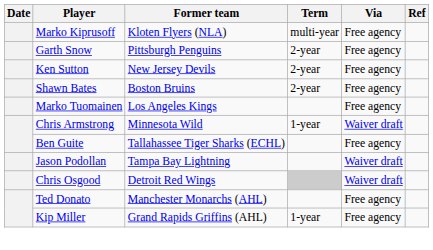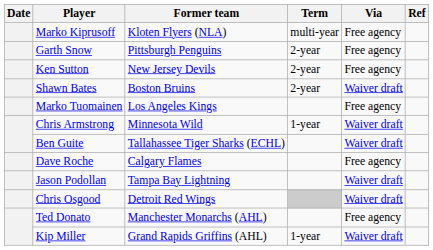 <table class="wikitable plainrowheaders">
 <tr style="background:#ddd; text-align:center;">
 <th>Date</th>
 <th>Player</th>
 <th>Former team</th>
 <th>Term</th>
 <th>Via</th>
 <th>Ref</th>
 </tr>
 <tr>
 <th scope="row"></th>
 <td><a href='#'>Marko Kiprusoff</a></td>
 <td><a href='#'>Kloten Flyers</a> (<a href='#'>NLA</a>)</td>
 <td>multi-year</td>
 <td>Free agency</td>
 <td></td>
 </tr>
 <tr>
 <th scope="row"></th>
 <td><a href='#'>Garth Snow</a></td>
 <td><a href='#'>Pittsburgh Penguins</a></td>
 <td>2-year</td>
 <td>Free agency</td>
 <td></td>
 </tr>
 <tr>
 <th scope="row"></th>
 <td><a href='#'>Ken Sutton</a></td>
 <td><a href='#'>New Jersey Devils</a></td>
 <td>2-year</td>
 <td>Free agency</td>
 <td></td>
 </tr>
 <tr>
 <th scope="row"></th>
 <td><a href='#'>Shawn Bates</a></td>
 <td><a href='#'>Boston Bruins</a></td>
 <td>2-year</td>
-<td>Free agency</td>
+<td><a href='#'>Waiver draft</a></td>
 <td></td>
 </tr>
 <tr>
 <th scope="row"></th>
 <td><a href='#'>Marko Tuomainen</a></td>
 <td><a href='#'>Los Angeles Kings</a></td>
 <td></td>
 <td>Free agency</td>
 <td></td>
 </tr>
 <tr>
 <th scope="row" rowspan=2></th>
 <td><a href='#'>Chris Armstrong</a></td>
 <td><a href='#'>Minnesota Wild</a></td>
 <td>1-year</td>
 <td><a href='#'>Waiver draft</a></td>
 <td></td>
 </tr>
 <tr>
 <td><a href='#'>Ben Guite</a></td>
 <td><a href='#'>Tallahassee Tiger Sharks</a> (<a href='#'>ECHL</a>)</td>
+<td></td>
+<td><a href='#'>Waiver draft</a></td>
+<td></td>
+</tr>
+<tr>
+<th scope="row"></th>
+<td><a href='#'>Dave Roche</a></td>
+<td><a href='#'>Calgary Flames</a></td>
 <td></td>
 <td>Free agency</td>
 <td></td>
 </tr>
 <tr>
 <th scope="row"></th>
 <td><a href='#'>Jason Podollan</a></td>
 <td><a href='#'>Tampa Bay Lightning</a></td>
 <td></td>
 <td><a href='#'>Waiver draft</a></td>
 <td></td>
 </tr>
 <tr>
 <th scope="row"></th>
 <td><a href='#'>Chris Osgood</a></td>
 <td><a href='#'>Detroit Red Wings</a></td>
 <td style="background:#ccc"></td>
 <td><a href='#'>Waiver draft</a></td>
 <td></td>
 </tr>
 <tr>
 <th scope="row" rowspan=2></th>
 <td><a href='#'>Ted Donato</a></td>
 <td><a href='#'>Manchester Monarchs</a> (<a href='#'>AHL</a>)</td>
 <td></td>
 <td>Free agency</td>
 <td></td>
 </tr>
 <tr>
 <td><a href='#'>Kip Miller</a></td>
 <td><a href='#'>Grand Rapids Griffins</a> (AHL)</td>
 <td>1-year</td>
-<td>Free agency</td>
+<td><a href='#'>Waiver draft</a></td>
 <td></td>
 </tr>
 </table>
